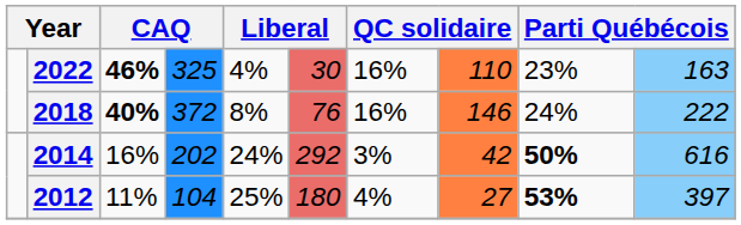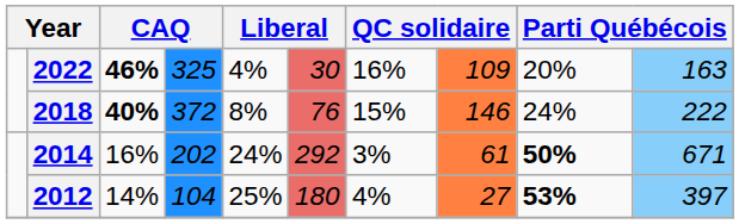 <table class="wikitable" style="float:center; width:400; font-size:90%; margin-left:1em;">
 <tr>
 <th colspan="2" scope="col">Year</th>
 <th colspan="2" scope="col"><a href='#'>CAQ</a></th>
 <th colspan="2" scope="col"><a href='#'>Liberal</a></th>
 <th colspan="2" scope="col"><a href='#'>QC solidaire</a></th>
 <th colspan="2" scope="col"><a href='#'>Parti Québécois</a></th>
 </tr>
 <tr>
 <td rowspan="2" style="width: 0.25em; background-color: "></td>
 <th><a href='#'>2022</a></th>
 <td><strong>46%</strong></td>
 <td style="text-align:right; background:#1E90FF;"><em>325</em></td>
 <td>4%</td>
 <td style="text-align:right; background:#EA6D6A;"><em>30</em></td>
 <td>16%</td>
-<td style="text-align:right; background:#FF8040;"><em>110</em></td>
-<td>23%</td>
+<td style="text-align:right; background:#FF8040;"><em>109</em></td>
+<td>20%</td>
 <td style="text-align:right; background:#87CEFA;"><em>163</em></td>
 </tr>
 <tr>
 <th><a href='#'>2018</a></th>
 <td><strong>40%</strong></td>
 <td style="text-align:right; background:#1E90FF;"><em>372</em></td>
 <td>8%</td>
 <td style="text-align:right; background:#EA6D6A;"><em>76</em></td>
-<td>16%</td>
+<td>15%</td>
 <td style="text-align:right; background:#FF8040;"><em>146</em></td>
 <td>24%</td>
 <td style="text-align:right; background:#87CEFA;"><em>222</em></td>
 </tr>
 <tr>
 <td rowspan="2" style="width: 0.25em; background-color: "></td>
 <th><a href='#'>2014</a></th>
 <td>16%</td>
 <td style="text-align:right; background:#1E90FF;"><em>202</em></td>
 <td>24%</td>
 <td style="text-align:right; background:#EA6D6A;"><em>292</em></td>
 <td>3%</td>
-<td style="text-align:right; background:#FF8040;"><em>42</em></td>
+<td style="text-align:right; background:#FF8040;"><em>61</em></td>
 <td><strong>50%</strong></td>
-<td style="text-align:right; background:#87CEFA;"><em>616</em></td>
+<td style="text-align:right; background:#87CEFA;"><em>671</em></td>
 </tr>
 <tr>
 <th><a href='#'>2012</a></th>
-<td>11%</td>
+<td>14%</td>
 <td style="text-align:right; background:#1E90FF;"><em>104</em></td>
 <td>25%</td>
 <td style="text-align:right; background:#EA6D6A;"><em>180</em></td>
 <td>4%</td>
 <td style="text-align:right; background:#FF8040;"><em>27</em></td>
 <td><strong>53%</strong></td>
 <td style="text-align:right; background:#87CEFA;"><em>397</em></td>
 </tr>
 <tr>
 </tr>
 </table>
